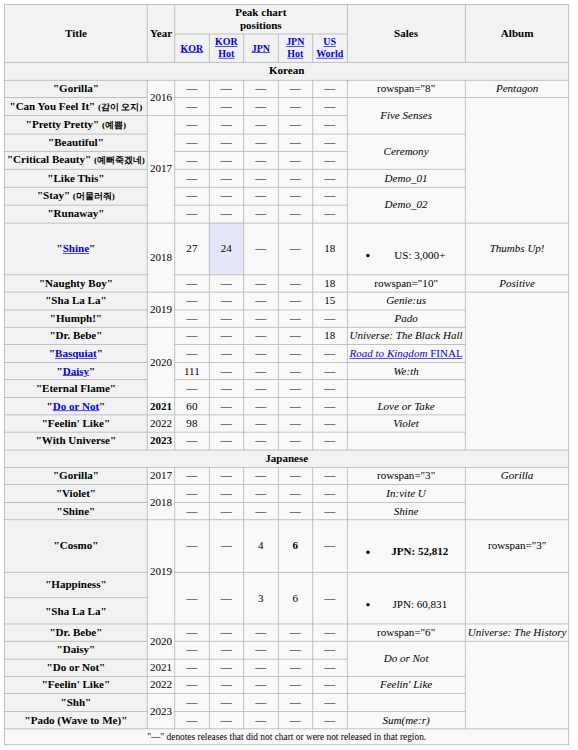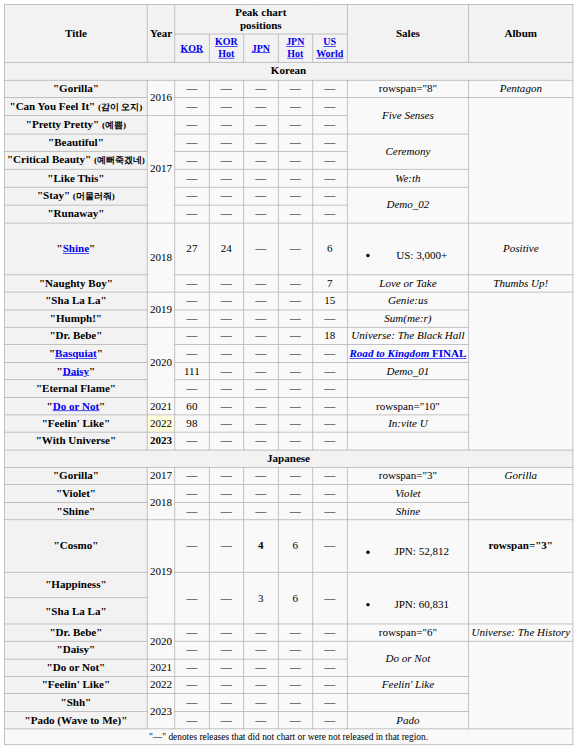 <table class="wikitable plainrowheaders" style="text-align:center;" border="1">
 <tr>
 <th scope="col" rowspan="2">Title</th>
 <th scope="col" rowspan="2">Year</th>
 <th scope="col" colspan="5">Peak chart <br> positions</th>
 <th scope="col" rowspan="2">Sales</th>
 <th scope="col" rowspan="2">Album</th>
 </tr>
 <tr>
 <th scope="col" style="width:3em;font-size:90%;"><a href='#'>KOR</a><br></th>
 <th scope="col" style="width:3em;font-size:90%;"><a href='#'>KOR<br>Hot</a><br></th>
 <th scope="col" style="width:3em;font-size:90%;"><a href='#'>JPN</a><br></th>
 <th scope="col" style="width:3em;font-size:90%;"><a href='#'>JPN<br>Hot</a><br></th>
 <th scope="col" style="width:3em;font-size:90%;"><a href='#'>US World</a><br></th>
 </tr>
 <tr>
 <th scope="col" colspan="9">Korean</th>
 </tr>
 <tr>
 <th scope="row">"Gorilla"</th>
 <td rowspan="2">2016</td>
 <td>—</td>
 <td>—</td>
 <td>—</td>
 <td>—</td>
 <td>—</td>
 <td>rowspan="8" </td>
 <td><em>Pentagon</em></td>
 </tr>
 <tr>
 <th scope="row">"Can You Feel It" <small>(감이 오지)</small></th>
 <td>—</td>
 <td>—</td>
 <td>—</td>
 <td>—</td>
 <td>—</td>
 <td rowspan="2"><em>Five Senses</em></td>
 </tr>
 <tr>
 <th scope="row">"Pretty Pretty" <small>(예쁨)</small></th>
 <td rowspan="6">2017</td>
 <td>—</td>
 <td>—</td>
 <td>—</td>
 <td>—</td>
 <td>—</td>
 </tr>
 <tr>
 <th scope="row">"Beautiful"</th>
 <td>—</td>
 <td>—</td>
 <td>—</td>
 <td>—</td>
 <td>—</td>
 <td rowspan="2"><em>Ceremony</em></td>
 </tr>
 <tr>
 <th scope="row">"Critical Beauty" <small>(예뻐죽겠네)</small></th>
 <td>—</td>
 <td>—</td>
 <td>—</td>
 <td>—</td>
 <td>—</td>
 </tr>
 <tr>
 <th scope="row">"Like This"</th>
 <td>—</td>
 <td>—</td>
 <td>—</td>
 <td>—</td>
 <td>—</td>
-<td><em>Demo_01</em></td>
+<td><em>We:th</em></td>
 </tr>
 <tr>
 <th scope="row">"Stay" <small>(머물러줘)</small></th>
 <td>—</td>
 <td>—</td>
 <td>—</td>
 <td>—</td>
 <td>—</td>
 <td rowspan="2"><em>Demo_02</em></td>
 </tr>
 <tr>
 <th scope="row">"Runaway"</th>
 <td>—</td>
 <td>—</td>
 <td>—</td>
 <td>—</td>
 <td>—</td>
 </tr>
 <tr>
 <th scope="row">"<a href='#'>Shine</a>" </th>
 <td rowspan="2">2018</td>
 <td>27</td>
-<td style="background: lavender;">24</td>
+<td>24</td>
 <td>—</td>
 <td>—</td>
-<td>18</td>
+<td>6</td>
 <td><br><ul><li>US: 3,000+</li></ul></td>
-<td><em>Thumbs Up!</em></td>
+<td><em>Positive</em></td>
 </tr>
 <tr>
 <th scope="row">"Naughty Boy" </th>
 <td>—</td>
 <td>—</td>
 <td>—</td>
 <td>—</td>
-<td>18</td>
-<td>rowspan="10" </td>
-<td><em>Positive</em></td>
+<td>7</td>
+<td><em>Love or Take</em></td>
+<td><em>Thumbs Up!</em></td>
 </tr>
 <tr>
 <th scope="row">"Sha La La" </th>
 <td rowspan="2">2019</td>
 <td>—</td>
 <td>—</td>
 <td>—</td>
 <td>—</td>
 <td>15</td>
 <td><em>Genie:us</em></td>
 </tr>
 <tr>
 <th scope="row">"Humph!" </th>
 <td>—</td>
 <td>—</td>
 <td>—</td>
 <td>—</td>
 <td>—</td>
-<td><em>Pado</em></td>
+<td><em>Sum(me:r)</em></td>
 </tr>
 <tr>
 <th scope="row">"Dr. Bebe" </th>
 <td rowspan="4">2020</td>
 <td>—</td>
 <td>—</td>
 <td>—</td>
 <td>—</td>
 <td>18</td>
 <td><em>Universe: The Black Hall</em></td>
 </tr>
 <tr>
 <th scope="row">"<a href='#'>Basquiat</a>" </th>
 <td>—</td>
 <td>—</td>
 <td>—</td>
 <td>—</td>
 <td>—</td>
-<td><a href='#'><em>Road to Kingdom</em> FINAL</a></td>
+<td><strong><a href='#'><em>Road to Kingdom</em> FINAL</a></strong></td>
 </tr>
 <tr>
 <th scope="row">"<a href='#'>Daisy</a>" </th>
 <td>111</td>
 <td>—</td>
 <td>—</td>
 <td>—</td>
 <td>—</td>
-<td><em>We:th</em></td>
+<td><em>Demo_01</em></td>
 </tr>
 <tr>
 <th scope="row">"Eternal Flame" </th>
 <td>—</td>
 <td>—</td>
 <td>—</td>
 <td>—</td>
 <td>—</td>
 <td></td>
 </tr>
 <tr>
 <th scope="row">"<a href='#'>Do or Not</a>"</th>
-<td><strong>2021</strong></td>
+<td>2021</td>
 <td>60</td>
 <td>—</td>
 <td>—</td>
 <td>—</td>
 <td>—</td>
-<td><em>Love or Take</em></td>
+<td>rowspan="10" </td>
 </tr>
 <tr>
 <th scope="row">"Feelin' Like"</th>
-<td>2022</td>
+<td style="background: lightyellow;">2022</td>
 <td>98</td>
 <td>—</td>
 <td>—</td>
 <td>—</td>
 <td>—</td>
-<td><em>Violet</em></td>
+<td><em>In:vite U</em></td>
 </tr>
 <tr>
 <th scope="row">"With Universe" </th>
 <td><strong>2023</strong></td>
 <td>—</td>
 <td>—</td>
 <td>—</td>
 <td>—</td>
 <td>—</td>
 <td></td>
 </tr>
 <tr>
 <th scope="col" colspan="9">Japanese</th>
 </tr>
 <tr>
 <th scope="row">"Gorilla"</th>
 <td>2017</td>
 <td>—</td>
 <td>—</td>
 <td>—</td>
 <td>—</td>
 <td>—</td>
 <td>rowspan="3" </td>
 <td><em>Gorilla</em></td>
 </tr>
 <tr>
 <th scope="row">"Violet"</th>
 <td rowspan="2">2018</td>
 <td>—</td>
 <td>—</td>
 <td>—</td>
 <td>—</td>
 <td>—</td>
-<td><em>In:vite U</em></td>
+<td><em>Violet</em></td>
 </tr>
 <tr>
 <th scope="row">"Shine"</th>
 <td>—</td>
 <td>—</td>
 <td>—</td>
 <td>—</td>
 <td>—</td>
 <td><em>Shine</em></td>
 </tr>
 <tr>
 <th scope="row">"Cosmo"</th>
 <td rowspan="3">2019</td>
 <td>—</td>
 <td>—</td>
-<td>4</td>
-<td><strong>6</strong></td>
+<td><strong>4</strong></td>
+<td>6</td>
 <td>—</td>
-<td><strong><br><ul><li>JPN: 52,812</li></ul></strong></td>
-<td>rowspan="3" </td>
+<td><br><ul><li>JPN: 52,812</li></ul></td>
+<td><strong>rowspan="3" </strong></td>
 </tr>
 <tr>
 <th scope="row">"Happiness"</th>
 <td rowspan="2">—</td>
 <td rowspan="2">—</td>
 <td rowspan="2">3</td>
 <td rowspan="2">6</td>
 <td rowspan="2">—</td>
 <td rowspan="2"><br><ul><li>JPN: 60,831</li></ul></td>
 </tr>
 <tr>
 <th scope="row">"Sha La La"</th>
 </tr>
 <tr>
 <th scope="row">"Dr. Bebe"</th>
 <td rowspan="2">2020</td>
 <td>—</td>
 <td>—</td>
 <td>—</td>
 <td>—</td>
 <td>—</td>
 <td>rowspan="6" </td>
 <td><em>Universe: The History</em></td>
 </tr>
 <tr>
 <th scope="row">"Daisy"</th>
 <td>—</td>
 <td>—</td>
 <td>—</td>
 <td>—</td>
 <td>—</td>
 <td rowspan="2"><em>Do or Not</em></td>
 </tr>
 <tr>
 <th scope="row">"Do or Not"</th>
 <td>2021</td>
 <td>—</td>
 <td>—</td>
 <td>—</td>
 <td>—</td>
 <td>—</td>
 </tr>
 <tr>
 <th scope="row">"Feelin' Like"</th>
 <td>2022</td>
 <td>—</td>
 <td>—</td>
 <td>—</td>
 <td>—</td>
 <td>—</td>
 <td><em>Feelin' Like</em></td>
 </tr>
 <tr>
 <th scope="row">"Shh" </th>
 <td rowspan="2">2023</td>
 <td>—</td>
 <td>—</td>
 <td>—</td>
 <td>—</td>
 <td>—</td>
 <td></td>
 </tr>
 <tr>
 <th scope="row">"Pado (Wave to Me)"</th>
 <td>—</td>
 <td>—</td>
 <td>—</td>
 <td>—</td>
 <td>—</td>
-<td><em>Sum(me:r)</em></td>
+<td><em>Pado</em></td>
 </tr>
 <tr>
 <td colspan="9" style="font-size:85%">"—" denotes releases that did not chart or were not released in that region.</td>
 </tr>
 </table>
